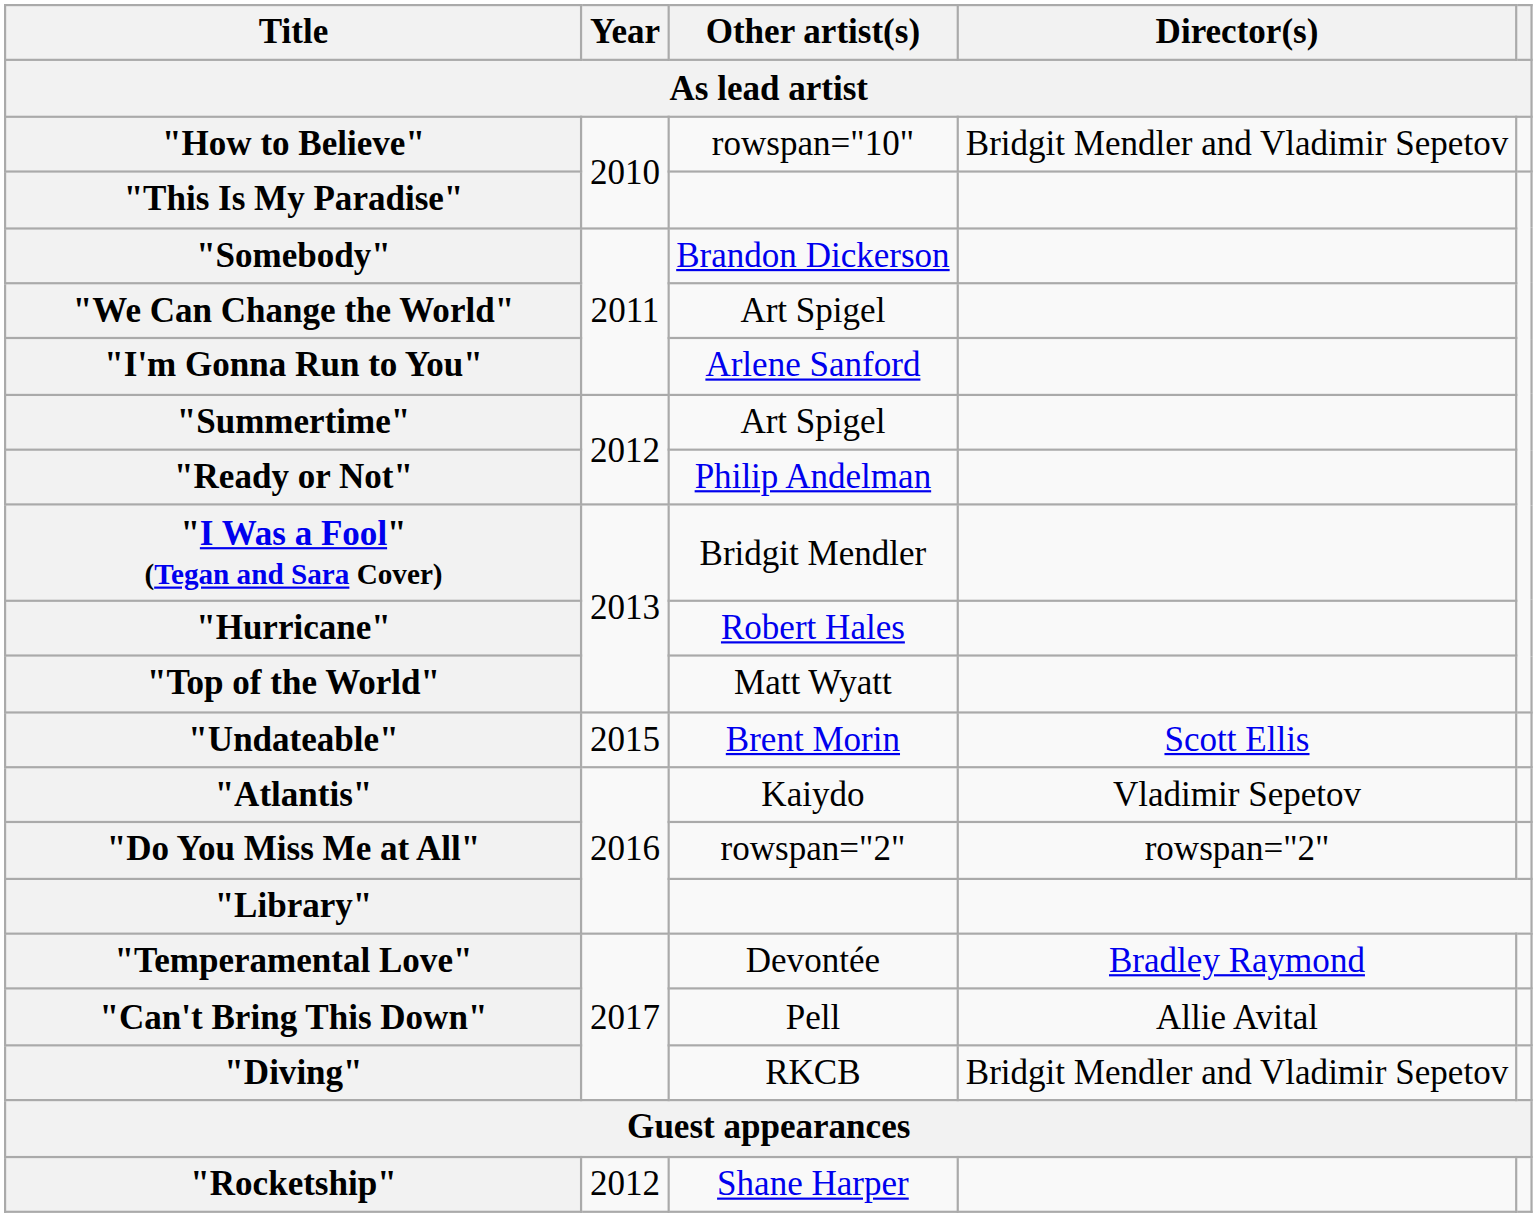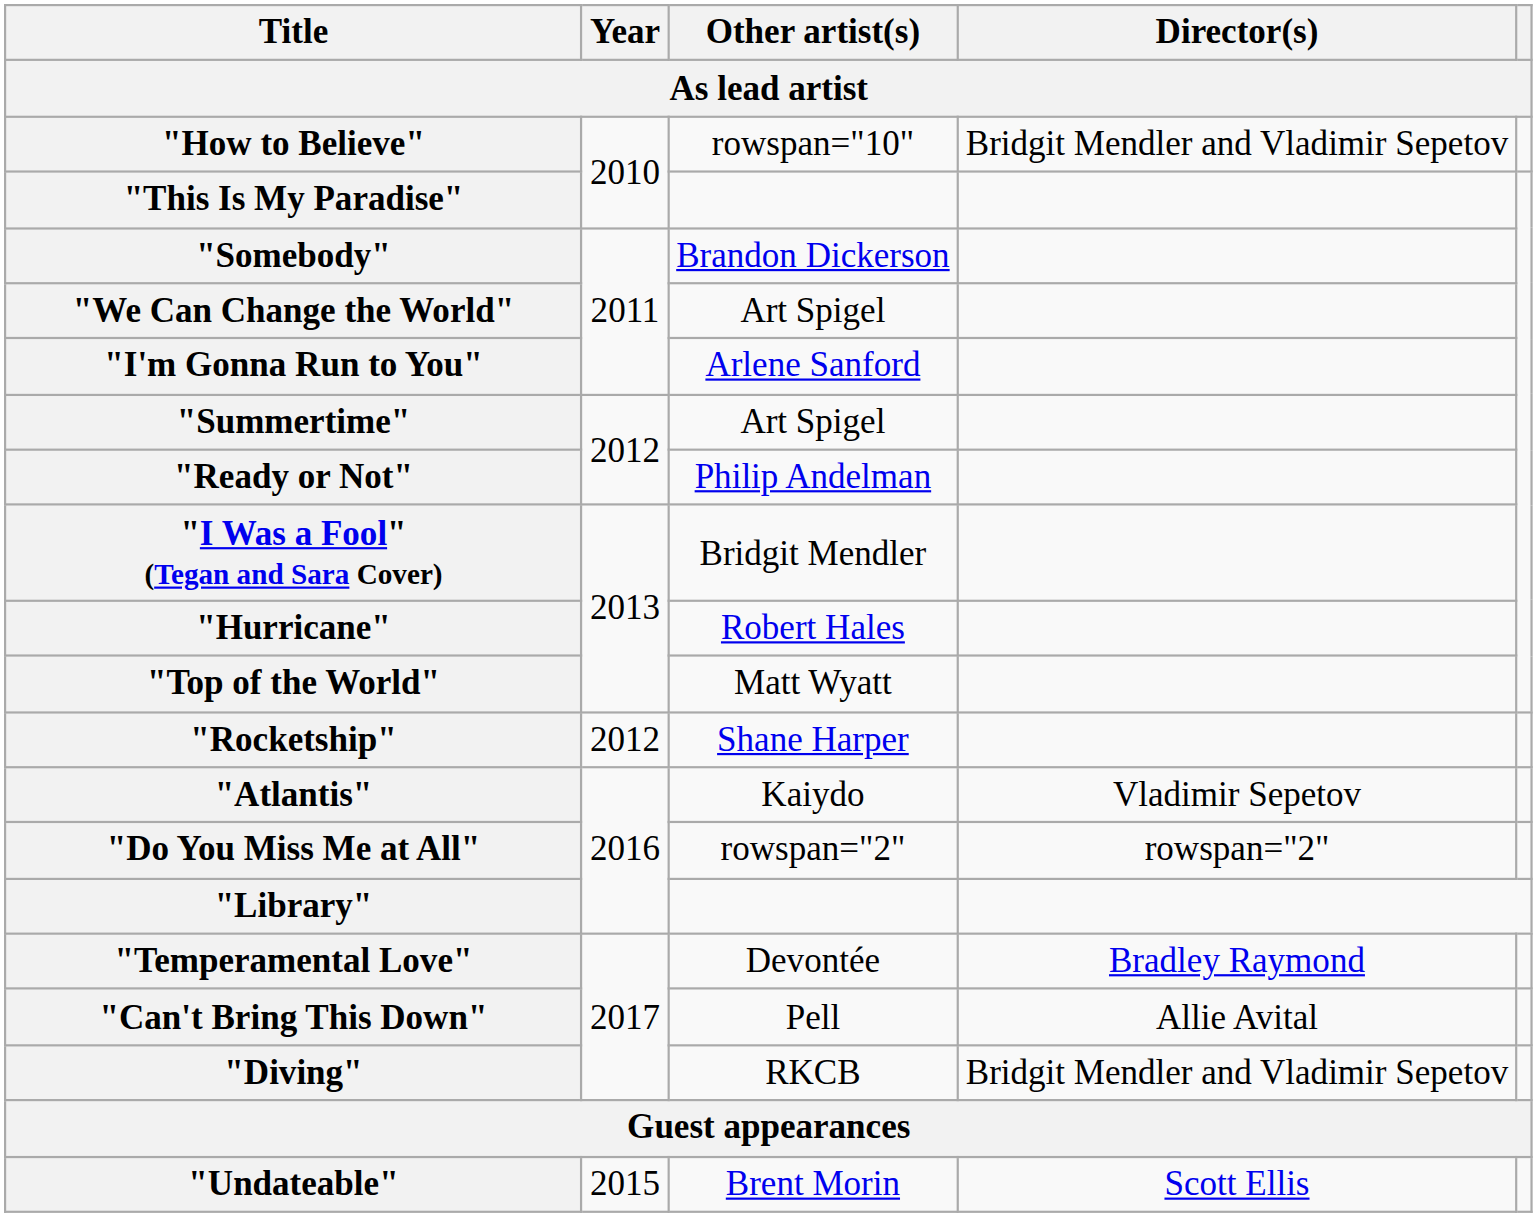 <table class="wikitable plainrowheaders" style="text-align:center;">
 <tr>
 <th scope="col" style="width:16em;">Title</th>
 <th scope="col">Year</th>
 <th scope="col">Other artist(s)</th>
 <th scope="col">Director(s)</th>
 <th scope="col"></th>
 </tr>
 <tr>
 <th scope="col" colspan="5">As lead artist</th>
 </tr>
 <tr>
 <th scope="row">"How to Believe"</th>
 <td rowspan="2">2010</td>
 <td>rowspan="10" </td>
 <td>Bridgit Mendler and Vladimir Sepetov</td>
 <td></td>
 </tr>
 <tr>
 <th scope="row">"This Is My Paradise"</th>
 <td></td>
 <td></td>
 </tr>
 <tr>
 <th scope="row">"Somebody"</th>
 <td rowspan="3">2011</td>
 <td><a href='#'>Brandon Dickerson</a></td>
 <td></td>
 </tr>
 <tr>
 <th scope="row">"We Can Change the World"</th>
 <td>Art Spigel</td>
 <td></td>
 </tr>
 <tr>
 <th scope="row">"I'm Gonna Run to You"</th>
 <td><a href='#'>Arlene Sanford</a></td>
 <td></td>
 </tr>
 <tr>
 <th scope="row">"Summertime"</th>
 <td rowspan="2">2012</td>
 <td>Art Spigel</td>
 <td></td>
 </tr>
 <tr>
 <th scope="row">"Ready or Not"</th>
 <td><a href='#'>Philip Andelman</a></td>
 <td></td>
 </tr>
 <tr>
 <th scope="row">"<a href='#'>I Was a Fool</a>" <br><small>(<a href='#'>Tegan and Sara</a> Cover)</small></th>
 <td rowspan="3">2013</td>
 <td>Bridgit Mendler</td>
 <td></td>
 </tr>
 <tr>
 <th scope="row">"Hurricane"</th>
 <td><a href='#'>Robert Hales</a></td>
 <td></td>
 </tr>
 <tr>
 <th scope="row">"Top of the World"</th>
 <td>Matt Wyatt</td>
 <td></td>
 </tr>
 <tr>
-<th scope="row">"Undateable"</th>
-<td>2015</td>
-<td><a href='#'>Brent Morin</a></td>
-<td><a href='#'>Scott Ellis</a></td>
+<th scope="row">"Rocketship"</th>
+<td>2012</td>
+<td><a href='#'>Shane Harper</a></td>
+<td></td>
 <td></td>
 </tr>
 <tr>
 <th scope="row">"Atlantis"</th>
 <td rowspan="3">2016</td>
 <td>Kaiydo</td>
 <td>Vladimir Sepetov</td>
 <td></td>
 </tr>
 <tr>
 <th scope="row">"Do You Miss Me at All"</th>
 <td>rowspan="2" </td>
 <td>rowspan="2" </td>
 <td></td>
 </tr>
 <tr>
 <th scope="row">"Library" </th>
 <td></td>
 </tr>
 <tr>
 <th scope="row">"Temperamental Love"</th>
 <td rowspan="3">2017</td>
 <td>Devontée</td>
 <td><a href='#'>Bradley Raymond</a></td>
 <td></td>
 </tr>
 <tr>
 <th scope="row">"Can't Bring This Down"</th>
 <td>Pell</td>
 <td>Allie Avital</td>
 <td></td>
 </tr>
 <tr>
 <th scope="row">"Diving"</th>
 <td>RKCB</td>
 <td>Bridgit Mendler and Vladimir Sepetov</td>
 <td></td>
 </tr>
 <tr>
 <th scope="col" colspan="5">Guest appearances</th>
 </tr>
 <tr>
-<th scope="row">"Rocketship"</th>
-<td>2012</td>
-<td><a href='#'>Shane Harper</a></td>
-<td></td>
+<th scope="row">"Undateable"</th>
+<td>2015</td>
+<td><a href='#'>Brent Morin</a></td>
+<td><a href='#'>Scott Ellis</a></td>
 <td></td>
 </tr>
 </table>
